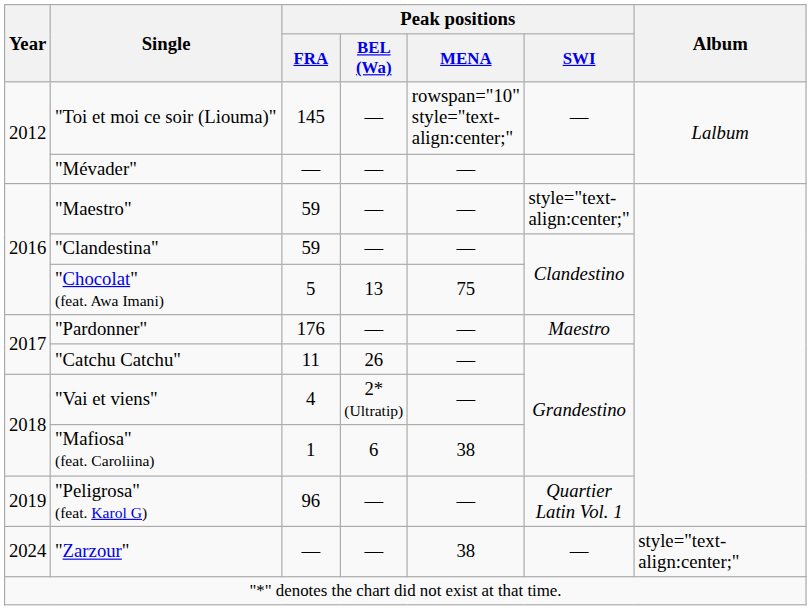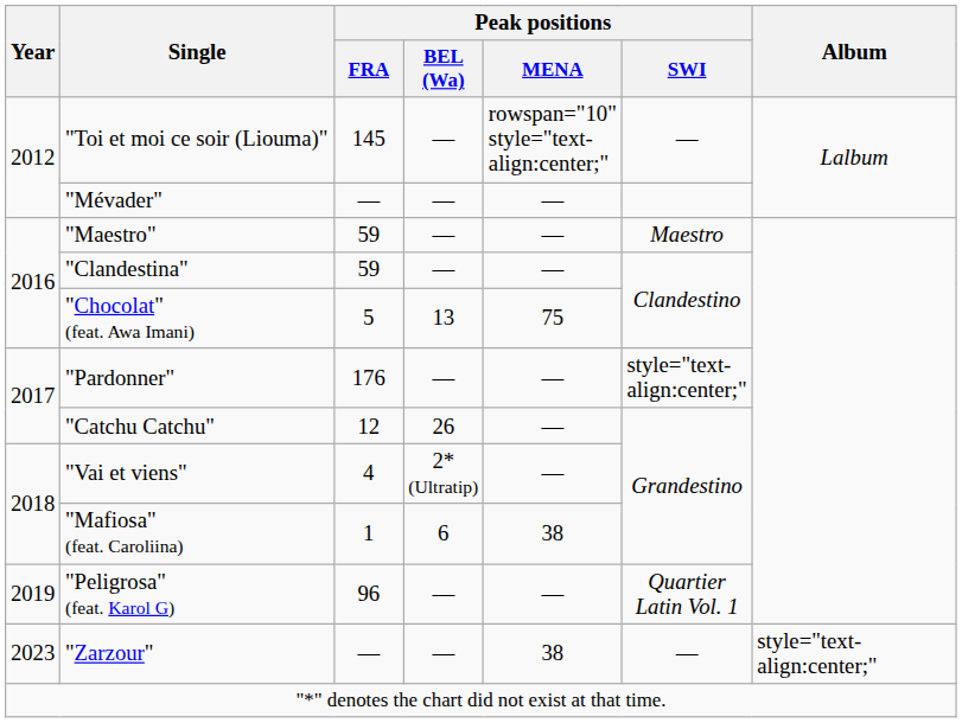 <table class="wikitable">
 <tr>
 <th align="center" rowspan="2" width="10">Year</th>
 <th align="center" rowspan="2" width="190">Single</th>
 <th colspan="4" align="center" width="20">Peak positions</th>
 <th align="center" rowspan="2" width="140">Album</th>
 </tr>
 <tr>
 <th scope="col" style="width:3em;font-size:90%;"><a href='#'>FRA</a><br></th>
 <th scope="col" style="width:3em;font-size:90%;"><a href='#'>BEL<br>(Wa)</a><br></th>
 <th scope="col" style="width:3em;font-size:90%;"><a href='#'>MENA</a><br></th>
 <th scope="col" style="width:3em;font-size:90%;"><a href='#'>SWI</a><br></th>
 </tr>
 <tr>
 <td style="text-align:center;" rowspan=2>2012</td>
 <td>"Toi et moi ce soir (Liouma)"</td>
 <td style="text-align:center;">145</td>
 <td style="text-align:center;">—</td>
 <td>rowspan="10" style="text-align:center;" </td>
 <td style="text-align:center;">—</td>
 <td rowspan="2" style="text-align:center;"><em>Lalbum</em></td>
 </tr>
 <tr>
 <td>"Mévader"</td>
 <td style="text-align:center;">—</td>
 <td style="text-align:center;">—</td>
 <td style="text-align:center;">—</td>
 </tr>
 <tr>
 <td style="text-align:center;" rowspan="3">2016</td>
 <td>"Maestro"</td>
 <td style="text-align:center;">59</td>
 <td style="text-align:center;">—</td>
 <td style="text-align:center;">—</td>
-<td>style="text-align:center;" </td>
+<td style="text-align:center;"><em>Maestro</em></td>
 </tr>
 <tr>
 <td>"Clandestina"</td>
 <td style="text-align:center;">59</td>
 <td style="text-align:center;">—</td>
 <td style="text-align:center;">—</td>
 <td rowspan="2" style="text-align:center;"><em>Clandestino</em></td>
 </tr>
 <tr>
 <td>"<a href='#'>Chocolat</a>"<br><small>(feat. Awa Imani)</small></td>
 <td style="text-align:center;">5</td>
 <td style="text-align:center;">13</td>
 <td style="text-align:center;">75</td>
 </tr>
 <tr>
 <td style="text-align:center;" rowspan=2>2017</td>
 <td>"Pardonner"</td>
 <td style="text-align:center;">176</td>
 <td style="text-align:center;">—</td>
 <td style="text-align:center;">—</td>
-<td style="text-align:center;"><em>Maestro</em></td>
+<td>style="text-align:center;" </td>
 </tr>
 <tr>
 <td>"Catchu Catchu"</td>
-<td style="text-align:center;">11</td>
+<td style="text-align:center;">12</td>
 <td style="text-align:center;">26</td>
 <td style="text-align:center;">—</td>
 <td rowspan="3" style="text-align:center;"><em>Grandestino</em></td>
 </tr>
 <tr>
 <td style="text-align:center;" rowspan="2">2018</td>
 <td>"Vai et viens"</td>
 <td style="text-align:center;">4</td>
 <td style="text-align:center;">2*<br><small>(Ultratip)</small></td>
 <td style="text-align:center;">—</td>
 </tr>
 <tr>
 <td>"Mafiosa"<br><small>(feat. Caroliina)</small></td>
 <td style="text-align:center;">1</td>
 <td style="text-align:center;">6</td>
 <td style="text-align:center;">38</td>
 </tr>
 <tr>
 <td style="text-align:center;">2019</td>
 <td>"Peligrosa"<br><small>(feat. <a href='#'>Karol G</a>)</small></td>
 <td style="text-align:center;">96<br></td>
 <td style="text-align:center;">—</td>
 <td style="text-align:center;">—</td>
 <td style="text-align:center;"><em>Quartier Latin Vol. 1</em></td>
 </tr>
 <tr>
-<td style="text-align:center;">2024</td>
+<td style="text-align:center;">2023</td>
 <td>"<a href='#'>Zarzour</a>"</td>
 <td style="text-align:center;">—</td>
 <td style="text-align:center;">—</td>
 <td style="text-align:center;">38</td>
 <td style="text-align:center;">—</td>
 <td>style="text-align:center;" </td>
 </tr>
 <tr>
 <td colspan="7" style="text-align:center; font-size:90%;">"*" denotes the chart did not exist at that time.</td>
 </tr>
 </table>
